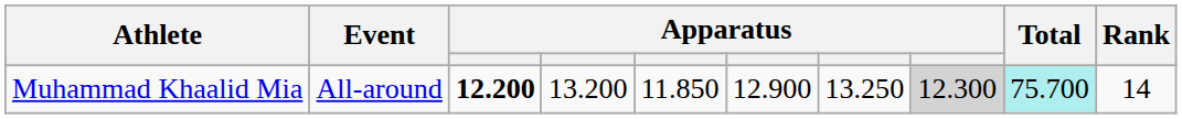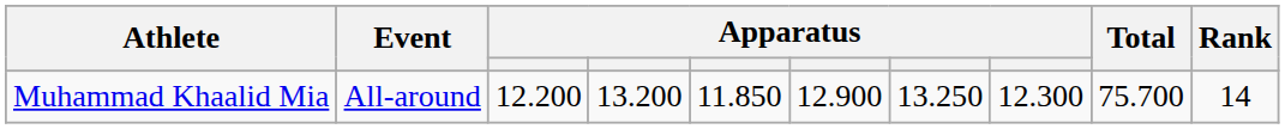 <table class="wikitable" style="font-size:90%; text-align:center">
 <tr>
 <th rowspan=2>Athlete</th>
 <th rowspan=2>Event</th>
 <th colspan=6>Apparatus</th>
 <th rowspan=2>Total</th>
 <th rowspan=2>Rank</th>
 </tr>
 <tr style="font-size:95%">
 <th></th>
 <th></th>
 <th></th>
 <th></th>
 <th></th>
 <th></th>
 </tr>
 <tr>
 <td align=left><a href='#'>Muhammad Khaalid Mia</a></td>
 <td align=left><a href='#'>All-around</a></td>
-<td><strong>12.200</strong></td>
+<td>12.200</td>
 <td>13.200</td>
 <td>11.850</td>
 <td>12.900</td>
 <td>13.250</td>
-<td style="background: lightgrey;">12.300</td>
-<td style="background: paleturquoise;">75.700</td>
+<td>12.300</td>
+<td>75.700</td>
 <td>14</td>
 </tr>
 </table>
